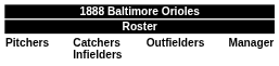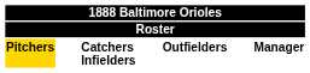 <table class="toccolours" style="font-size: 95%;">
 <tr>
 <th colspan="10" style="background-color: black; color: white; text-align: center;">1888 Baltimore Orioles</th>
 </tr>
 <tr>
 <td colspan="10" style="background-color: black; color: white; text-align: center;"><strong>Roster</strong></td>
 </tr>
 <tr>
-<td valign="top"><strong>Pitchers</strong><br>       </td>
+<td valign="top" style="background: gold;"><strong>Pitchers</strong><br>       </td>
 <td width="25px"></td>
 <td valign="top"><strong>Catchers</strong><br>    <strong>Infielders</strong>     </td>
 <td width="25px"></td>
 <td valign="top"><strong>Outfielders</strong><br>     </td>
 <td width="25px"></td>
 <td valign="top"><strong>Manager</strong><br></td>
 </tr>
 </table>
